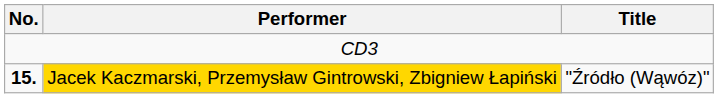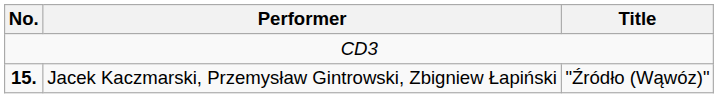 <table class="wikitable">
 <tr>
 <th>No.</th>
 <th>Performer</th>
 <th>Title</th>
 </tr>
 <tr>
 <td colspan="3" style="text-align:center"><em>CD3</em></td>
 </tr>
 <tr>
 <td style="text-align:center"><strong>15.</strong></td>
-<td style="background: gold;">Jacek Kaczmarski, Przemysław Gintrowski, Zbigniew Łapiński</td>
+<td>Jacek Kaczmarski, Przemysław Gintrowski, Zbigniew Łapiński</td>
 <td>"Źródło (Wąwóz)"</td>
 </tr>
 </table>
